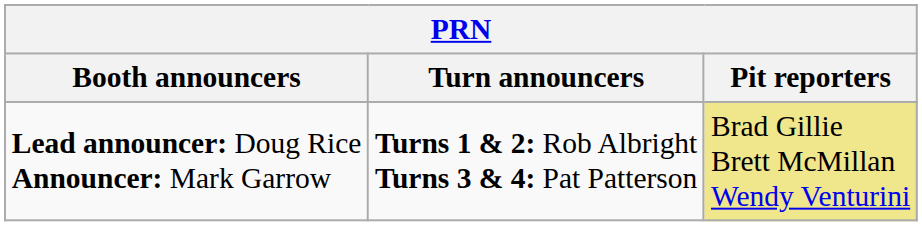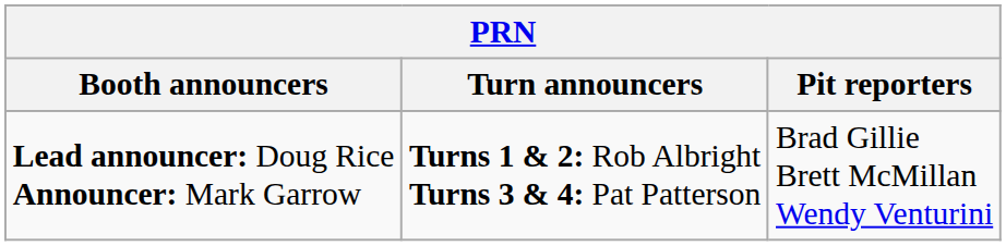 <table class="wikitable" style="font-size: 95%">
 <tr>
 <th colspan="3"><a href='#'>PRN</a></th>
 </tr>
 <tr>
 <th>Booth announcers</th>
 <th>Turn announcers</th>
 <th>Pit reporters</th>
 </tr>
 <tr>
 <td><strong>Lead announcer:</strong> Doug Rice<br><strong>Announcer:</strong> Mark Garrow</td>
 <td><strong>Turns 1 & 2:</strong> Rob Albright<br><strong>Turns 3 & 4:</strong> Pat Patterson</td>
-<td style="background: khaki;">Brad Gillie<br>Brett McMillan<br><a href='#'>Wendy Venturini</a></td>
+<td>Brad Gillie<br>Brett McMillan<br><a href='#'>Wendy Venturini</a></td>
 </tr>
 </table>
